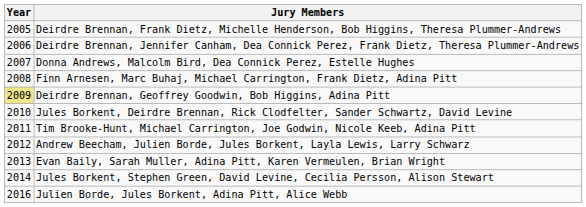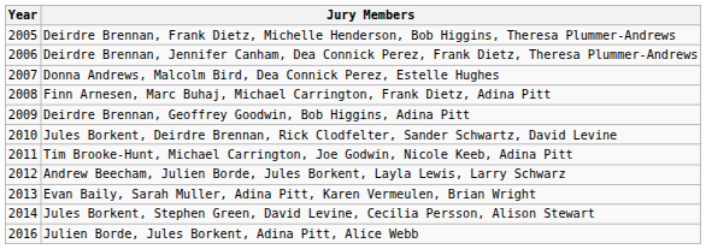 <table class="wikitable">
 <tr>
 <th>Year</th>
 <th>Jury Members</th>
 </tr>
 <tr>
 <td>2005</td>
 <td>Deirdre Brennan, Frank Dietz, Michelle Henderson, Bob Higgins, Theresa Plummer-Andrews</td>
 </tr>
 <tr>
 <td>2006</td>
 <td>Deirdre Brennan, Jennifer Canham, Dea Connick Perez, Frank Dietz, Theresa Plummer-Andrews</td>
 </tr>
 <tr>
 <td>2007</td>
 <td>Donna Andrews, Malcolm Bird, Dea Connick Perez, Estelle Hughes</td>
 </tr>
 <tr>
 <td>2008</td>
 <td>Finn Arnesen, Marc Buhaj, Michael Carrington, Frank Dietz, Adina Pitt</td>
 </tr>
 <tr>
-<td style="background: khaki;">2009</td>
+<td>2009</td>
 <td>Deirdre Brennan, Geoffrey Goodwin, Bob Higgins, Adina Pitt</td>
 </tr>
 <tr>
 <td>2010</td>
 <td>Jules Borkent, Deirdre Brennan, Rick Clodfelter, Sander Schwartz, David Levine</td>
 </tr>
 <tr>
 <td>2011</td>
 <td>Tim Brooke-Hunt, Michael Carrington, Joe Godwin, Nicole Keeb, Adina Pitt</td>
 </tr>
 <tr>
 <td>2012</td>
 <td>Andrew Beecham, Julien Borde, Jules Borkent, Layla Lewis, Larry Schwarz</td>
 </tr>
 <tr>
 <td>2013</td>
 <td>Evan Baily, Sarah Muller, Adina Pitt, Karen Vermeulen, Brian Wright</td>
 </tr>
 <tr>
 <td>2014</td>
 <td>Jules Borkent, Stephen Green, David Levine, Cecilia Persson, Alison Stewart</td>
 </tr>
 <tr>
 <td>2016</td>
 <td>Julien Borde, Jules Borkent, Adina Pitt, Alice Webb</td>
 </tr>
 </table>
